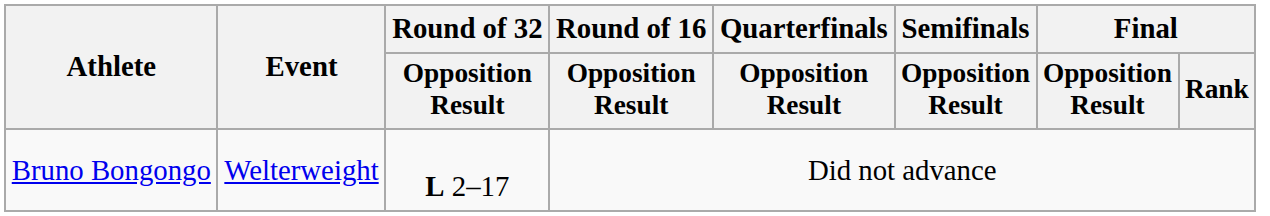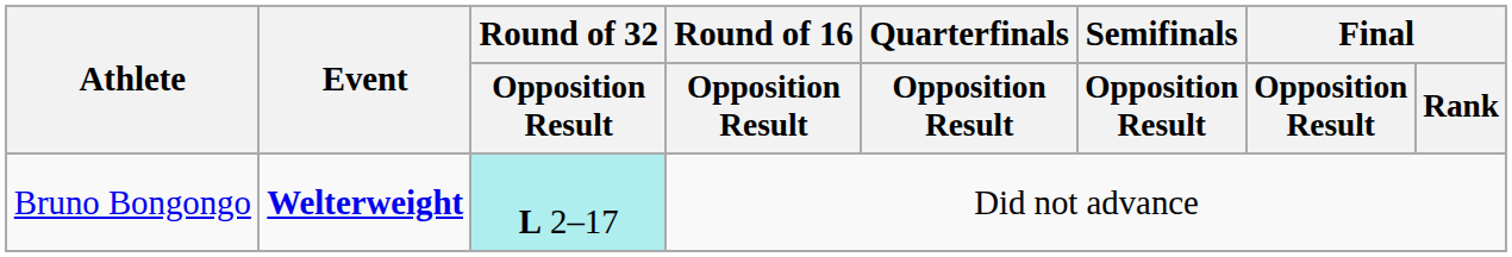 <table class="wikitable" style="font-size:90%">
 <tr>
 <th rowspan="2">Athlete</th>
 <th rowspan="2">Event</th>
 <th>Round of 32</th>
 <th>Round of 16</th>
 <th>Quarterfinals</th>
 <th>Semifinals</th>
 <th colspan=2>Final</th>
 </tr>
 <tr style="font-size:95%">
 <th>Opposition<br>Result</th>
 <th>Opposition<br>Result</th>
 <th>Opposition<br>Result</th>
 <th>Opposition<br>Result</th>
 <th>Opposition<br>Result</th>
 <th>Rank</th>
 </tr>
 <tr align=center>
 <td align=left><a href='#'>Bruno Bongongo</a></td>
-<td align=left><a href='#'>Welterweight</a></td>
-<td><br><strong>L</strong> 2–17</td>
+<td align=left><strong><a href='#'>Welterweight</a></strong></td>
+<td style="background: paleturquoise;"><br><strong>L</strong> 2–17</td>
 <td colspan=5>Did not advance</td>
 </tr>
 </table>
